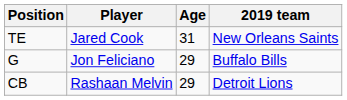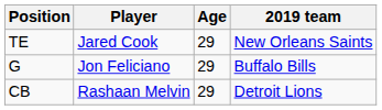 <table class="wikitable">
 <tr>
 <th>Position</th>
 <th>Player</th>
 <th>Age</th>
 <th>2019 team</th>
 </tr>
 <tr>
 <td>TE</td>
 <td><a href='#'>Jared Cook</a></td>
-<td>31</td>
+<td>29</td>
 <td><a href='#'>New Orleans Saints</a></td>
 </tr>
 <tr>
 <td>G</td>
 <td><a href='#'>Jon Feliciano</a></td>
 <td>29</td>
 <td><a href='#'>Buffalo Bills</a></td>
 </tr>
 <tr>
 <td>CB</td>
 <td><a href='#'>Rashaan Melvin</a></td>
 <td>29</td>
 <td><a href='#'>Detroit Lions</a></td>
 </tr>
 </table>
